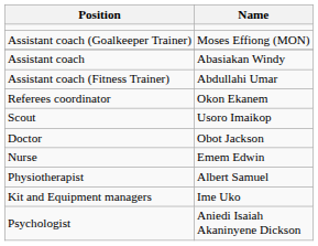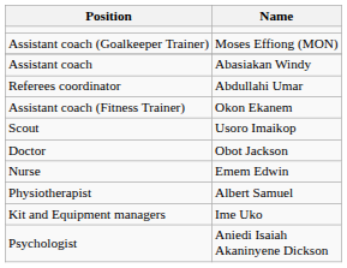 <table class="wikitable" style="text-align:center;">
 <tr>
 <th>Position</th>
 <th>Name</th>
 </tr>
 <tr>
 <td></td>
 </tr>
 <tr>
 <td style="text-align:left;">Assistant coach (Goalkeeper Trainer)</td>
 <td style="text-align:left;"> Moses Effiong (MON)</td>
 </tr>
 <tr>
 </tr>
 <tr>
 <td style="text-align:left;">Assistant coach</td>
 <td style="text-align:left;"> Abasiakan Windy</td>
 </tr>
 <tr>
-<td style="text-align:left;">Assistant coach (Fitness Trainer)</td>
+<td style="text-align:left;">Referees coordinator</td>
 <td style="text-align:left;"> Abdullahi Umar</td>
 </tr>
 <tr>
-<td style="text-align:left;">Referees coordinator</td>
+<td style="text-align:left;">Assistant coach (Fitness Trainer)</td>
 <td style="text-align:left;"> Okon Ekanem</td>
 </tr>
 <tr>
 <td style="text-align:left;">Scout</td>
 <td style="text-align:left;"> Usoro Imaikop</td>
 </tr>
 <tr>
 <td style="text-align:left;">Doctor</td>
 <td style="text-align:left;"> Obot Jackson</td>
 </tr>
 <tr>
 <td style="text-align:left;">Nurse</td>
 <td style="text-align:left;"> Emem Edwin</td>
 </tr>
 <tr>
 <td style="text-align:left;">Physiotherapist</td>
 <td style="text-align:left;"> Albert Samuel</td>
 </tr>
 <tr>
 <td style="text-align:left;">Kit and Equipment managers</td>
 <td style="text-align:left;"> Ime Uko</td>
 </tr>
 <tr>
 <td style="text-align:left;">Psychologist</td>
 <td style="text-align:left;"> Aniedi Isaiah<br> Akaninyene Dickson</td>
 </tr>
 </table>
